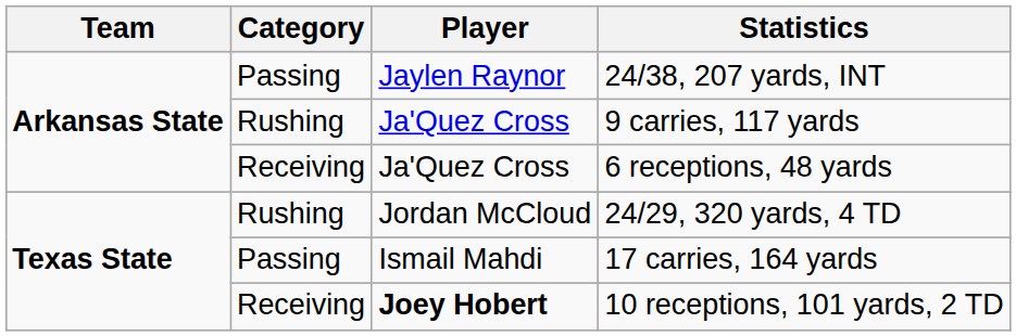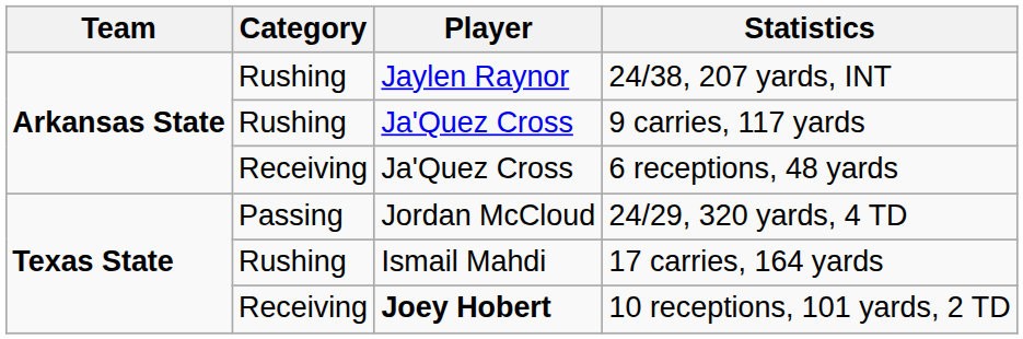 <table class="wikitable" style="float: right;">
 <tr>
 <th>Team</th>
 <th>Category</th>
 <th>Player</th>
 <th>Statistics</th>
 </tr>
 <tr>
 <td rowspan=3><strong>Arkansas State</strong></td>
-<td>Passing</td>
+<td>Rushing</td>
 <td><a href='#'>Jaylen Raynor</a></td>
 <td>24/38, 207 yards, INT</td>
 </tr>
 <tr>
 <td>Rushing</td>
 <td><a href='#'>Ja'Quez Cross</a></td>
 <td>9 carries, 117 yards</td>
 </tr>
 <tr>
 <td>Receiving</td>
 <td>Ja'Quez Cross</td>
 <td>6 receptions, 48 yards</td>
 </tr>
 <tr>
 <td rowspan=3><strong>Texas State</strong></td>
-<td>Rushing</td>
+<td>Passing</td>
 <td>Jordan McCloud</td>
 <td>24/29, 320 yards, 4 TD</td>
 </tr>
 <tr>
-<td>Passing</td>
+<td>Rushing</td>
 <td>Ismail Mahdi</td>
 <td>17 carries, 164 yards</td>
 </tr>
 <tr>
 <td>Receiving</td>
 <td><strong>Joey Hobert</strong></td>
 <td>10 receptions, 101 yards, 2 TD</td>
 </tr>
 </table>
